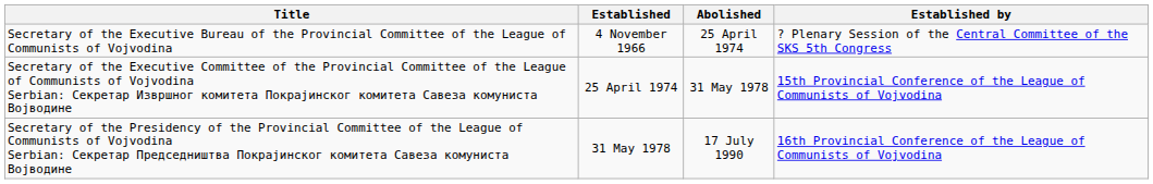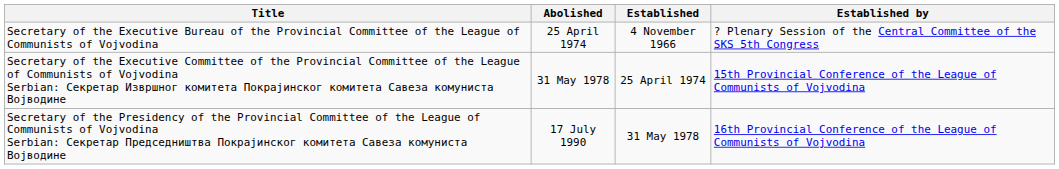 <table class="wikitable sortable">
 <tr>
 <th scope=col>Title</th>
+<th scope=col>Abolished</th>
 <th scope=col>Established</th>
-<th scope=col>Abolished</th>
 <th scope=col>Established by</th>
 </tr>
 <tr>
 <td>Secretary of the Executive Bureau of the Provincial Committee of the League of Communists of Vojvodina<br></td>
+<td align="center">25 April 1974</td>
 <td align="center">4 November 1966</td>
-<td align="center">25 April 1974</td>
 <td>? Plenary Session of the <a href='#'>Central Committee of the SKS 5th Congress</a></td>
 </tr>
 <tr>
 <td>Secretary of the Executive Committee of the Provincial Committee of the League of Communists of Vojvodina<br>Serbian: Секретар Извршног комитета Покрајинског комитета Савеза комуниста Војводине</td>
+<td align="center">31 May 1978</td>
 <td align="center">25 April 1974</td>
-<td align="center">31 May 1978</td>
 <td><a href='#'>15th Provincial Conference of the League of Communists of Vojvodina</a></td>
 </tr>
 <tr>
 <td>Secretary of the Presidency of the Provincial Committee of the League of Communists of Vojvodina<br>Serbian: Секретар Председништва Покрајинског комитета Савеза комуниста Војводине</td>
+<td align="center">17 July 1990</td>
 <td align="center">31 May 1978</td>
-<td align="center">17 July 1990</td>
 <td><a href='#'>16th Provincial Conference of the League of Communists of Vojvodina</a></td>
 </tr>
 </table>
